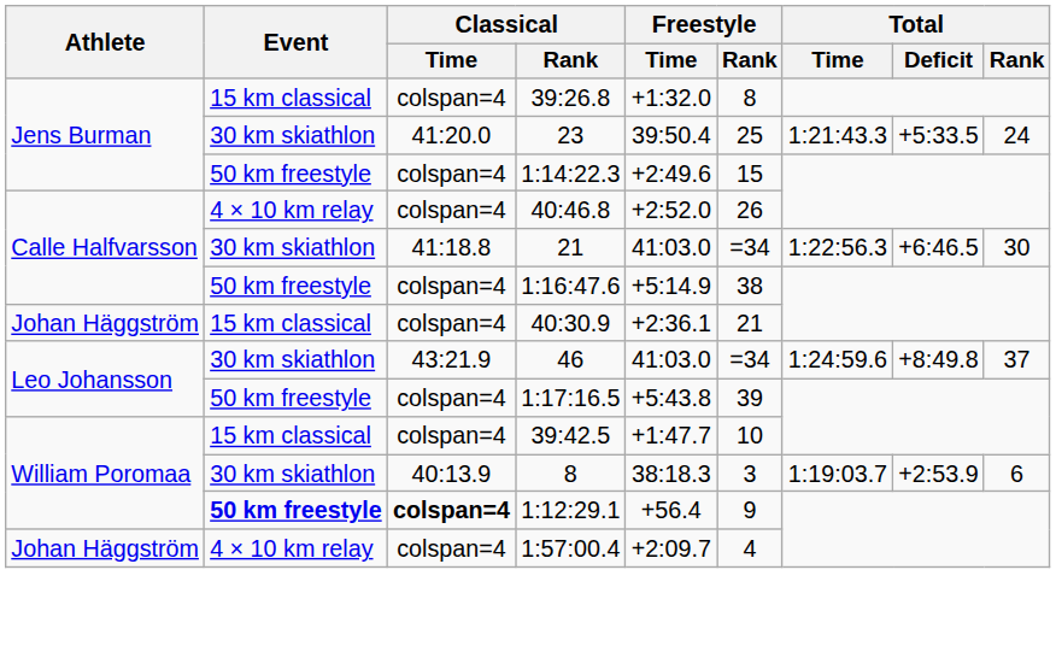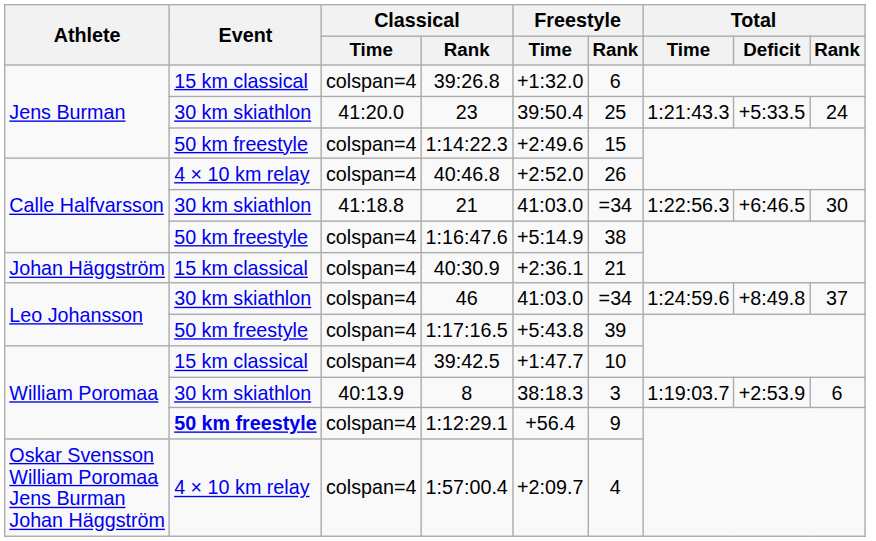 <table class="wikitable" style="font-size:90%">
 <tr>
 <th rowspan=2>Athlete</th>
 <th rowspan=2>Event</th>
 <th colspan=2>Classical</th>
 <th colspan=2>Freestyle</th>
 <th colspan=3>Total</th>
 </tr>
 <tr style="font-size:95%">
 <th>Time</th>
 <th>Rank</th>
 <th>Time</th>
 <th>Rank</th>
 <th>Time</th>
 <th>Deficit</th>
 <th>Rank</th>
 </tr>
 <tr align=center>
 <td align=left rowspan=3><a href='#'>Jens Burman</a></td>
 <td align=left><a href='#'>15 km classical</a></td>
 <td>colspan=4 </td>
 <td>39:26.8</td>
 <td>+1:32.0</td>
-<td>8</td>
+<td>6</td>
 </tr>
 <tr align=center>
 <td align=left><a href='#'>30 km skiathlon</a></td>
 <td>41:20.0</td>
 <td>23</td>
 <td>39:50.4</td>
 <td>25</td>
 <td>1:21:43.3</td>
 <td>+5:33.5</td>
 <td>24</td>
 </tr>
 <tr align=center>
 <td align=left><a href='#'>50 km freestyle</a></td>
 <td>colspan=4 </td>
 <td>1:14:22.3</td>
 <td>+2:49.6</td>
 <td>15</td>
 </tr>
 <tr align=center>
 <td align=left rowspan=3><a href='#'>Calle Halfvarsson</a></td>
 <td align=left><a href='#'>4 × 10 km relay</a></td>
 <td>colspan=4 </td>
 <td>40:46.8</td>
 <td>+2:52.0</td>
 <td>26</td>
 </tr>
 <tr align=center>
 <td align=left><a href='#'>30 km skiathlon</a></td>
 <td>41:18.8</td>
 <td>21</td>
 <td>41:03.0</td>
 <td>=34</td>
 <td>1:22:56.3</td>
 <td>+6:46.5</td>
 <td>30</td>
 </tr>
 <tr align=center>
 <td align=left><a href='#'>50 km freestyle</a></td>
 <td>colspan=4 </td>
 <td>1:16:47.6</td>
 <td>+5:14.9</td>
 <td>38</td>
 </tr>
 <tr align=center>
 <td align=left><a href='#'>Johan Häggström</a></td>
 <td align=left><a href='#'>15 km classical</a></td>
 <td>colspan=4 </td>
 <td>40:30.9</td>
 <td>+2:36.1</td>
 <td>21</td>
 </tr>
 <tr align=center>
 <td align=left rowspan=2><a href='#'>Leo Johansson</a></td>
 <td align=left><a href='#'>30 km skiathlon</a></td>
-<td>43:21.9</td>
+<td>colspan=4 </td>
 <td>46</td>
 <td>41:03.0</td>
 <td>=34</td>
 <td>1:24:59.6</td>
 <td>+8:49.8</td>
 <td>37</td>
 </tr>
 <tr align=center>
 <td align=left><a href='#'>50 km freestyle</a></td>
 <td>colspan=4 </td>
 <td>1:17:16.5</td>
 <td>+5:43.8</td>
 <td>39</td>
 </tr>
 <tr align=center>
 <td align=left rowspan=3><a href='#'>William Poromaa</a></td>
 <td align=left><a href='#'>15 km classical</a></td>
 <td>colspan=4 </td>
 <td>39:42.5</td>
 <td>+1:47.7</td>
 <td>10</td>
 </tr>
 <tr align=center>
 <td align=left><a href='#'>30 km skiathlon</a></td>
 <td>40:13.9</td>
 <td>8</td>
 <td>38:18.3</td>
 <td>3</td>
 <td>1:19:03.7</td>
 <td>+2:53.9</td>
 <td>6</td>
 </tr>
 <tr align=center>
 <td align=left><strong><a href='#'>50 km freestyle</a></strong></td>
-<td><strong>colspan=4 </strong></td>
+<td>colspan=4 </td>
 <td>1:12:29.1</td>
 <td>+56.4</td>
 <td>9</td>
 </tr>
 <tr align=center>
-<td align=left><a href='#'>Johan Häggström</a></td>
+<td align=left><a href='#'>Oskar Svensson</a><br><a href='#'>William Poromaa</a><br><a href='#'>Jens Burman</a><br><a href='#'>Johan Häggström</a></td>
 <td align=left><a href='#'>4 × 10 km relay</a></td>
 <td>colspan=4 </td>
 <td>1:57:00.4</td>
 <td>+2:09.7</td>
 <td>4</td>
 </tr>
 </table>
